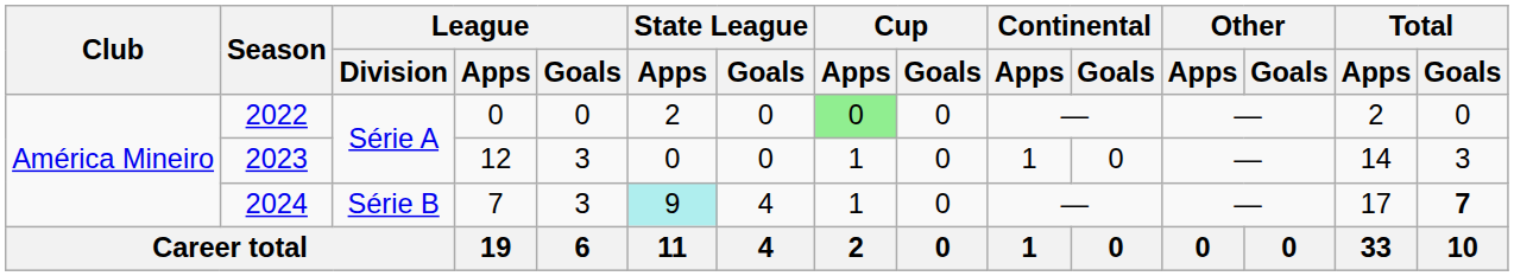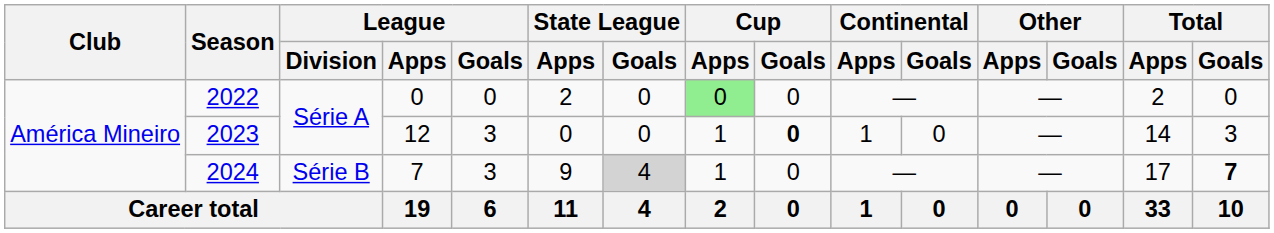 <table class="wikitable" style="text-align: center;">
 <tr>
 <th rowspan="2">Club</th>
 <th rowspan="2">Season</th>
 <th colspan="3">League</th>
 <th colspan="2">State League</th>
 <th colspan="2">Cup</th>
 <th colspan="2">Continental</th>
 <th colspan="2">Other</th>
 <th colspan="2">Total</th>
 </tr>
 <tr>
 <th>Division</th>
 <th>Apps</th>
 <th>Goals</th>
 <th>Apps</th>
 <th>Goals</th>
 <th>Apps</th>
 <th>Goals</th>
 <th>Apps</th>
 <th>Goals</th>
 <th>Apps</th>
 <th>Goals</th>
 <th>Apps</th>
 <th>Goals</th>
 </tr>
 <tr>
 <td rowspan=3><a href='#'>América Mineiro</a></td>
 <td><a href='#'>2022</a></td>
 <td rowspan=2><a href='#'>Série A</a></td>
 <td>0</td>
 <td>0</td>
 <td>2</td>
 <td>0</td>
 <td style="background: lightgreen;">0</td>
 <td>0</td>
 <td colspan=2>—</td>
 <td colspan=2>—</td>
 <td>2</td>
 <td>0</td>
 </tr>
 <tr>
 <td><a href='#'>2023</a></td>
 <td>12</td>
 <td>3</td>
 <td>0</td>
 <td>0</td>
 <td>1</td>
-<td>0</td>
+<td><strong>0</strong></td>
 <td>1</td>
 <td>0</td>
 <td colspan=2>—</td>
 <td>14</td>
 <td>3</td>
 </tr>
 <tr>
 <td><a href='#'>2024</a></td>
 <td><a href='#'>Série B</a></td>
 <td>7</td>
 <td>3</td>
-<td style="background: paleturquoise;">9</td>
-<td>4</td>
+<td>9</td>
+<td style="background: lightgrey;">4</td>
 <td>1</td>
 <td>0</td>
 <td colspan=2>—</td>
 <td colspan=2>—</td>
 <td>17</td>
 <td><strong>7</strong></td>
 </tr>
 <tr>
 <th colspan=3><strong>Career total</strong></th>
 <th>19</th>
 <th>6</th>
 <th>11</th>
 <th>4</th>
 <th>2</th>
 <th>0</th>
 <th>1</th>
 <th>0</th>
 <th>0</th>
 <th>0</th>
 <th>33</th>
 <th>10</th>
 </tr>
 </table>
